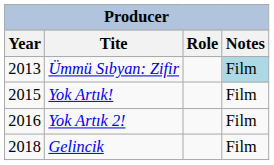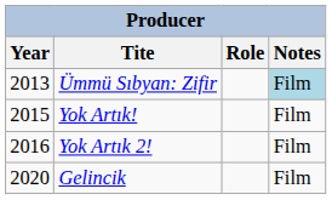 <table class="wikitable">
 <tr>
 <th colspan="4" style="background:LightSteelBlue">Producer</th>
 </tr>
 <tr>
 <th>Year</th>
 <th>Tite</th>
 <th>Role</th>
 <th>Notes</th>
 </tr>
 <tr>
 <td>2013</td>
 <td><em><a href='#'>Ümmü Sıbyan: Zifir</a></em></td>
 <td></td>
 <td style="background: lightblue;">Film</td>
 </tr>
 <tr>
 <td>2015</td>
 <td><em><a href='#'>Yok Artık!</a></em></td>
 <td></td>
 <td>Film</td>
 </tr>
 <tr>
 <td>2016</td>
 <td><em><a href='#'>Yok Artık 2!</a></em></td>
 <td></td>
 <td>Film</td>
 </tr>
 <tr>
-<td>2018</td>
+<td>2020</td>
 <td><em><a href='#'>Gelincik</a></em></td>
 <td></td>
 <td>Film</td>
 </tr>
 </table>
